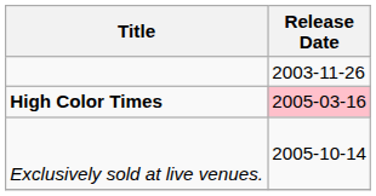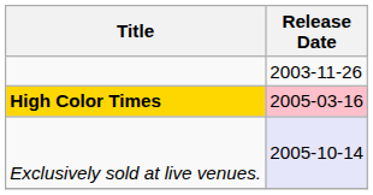 <table class="wikitable" style="font-size:small">
 <tr>
 <th>Title</th>
 <th>Release<br>Date</th>
 </tr>
 <tr>
 <td><br></td>
 <td>2003-11-26</td>
 </tr>
 <tr>
-<td><strong>High Color Times</strong><br></td>
+<td style="background: gold;"><strong>High Color Times</strong><br></td>
 <td style="background: pink;">2005-03-16</td>
 </tr>
 <tr>
 <td><br><br><em>Exclusively sold at live venues.</em> </td>
-<td>2005-10-14</td>
+<td style="background: lavender;">2005-10-14</td>
 </tr>
 <tr>
 </tr>
 </table>
